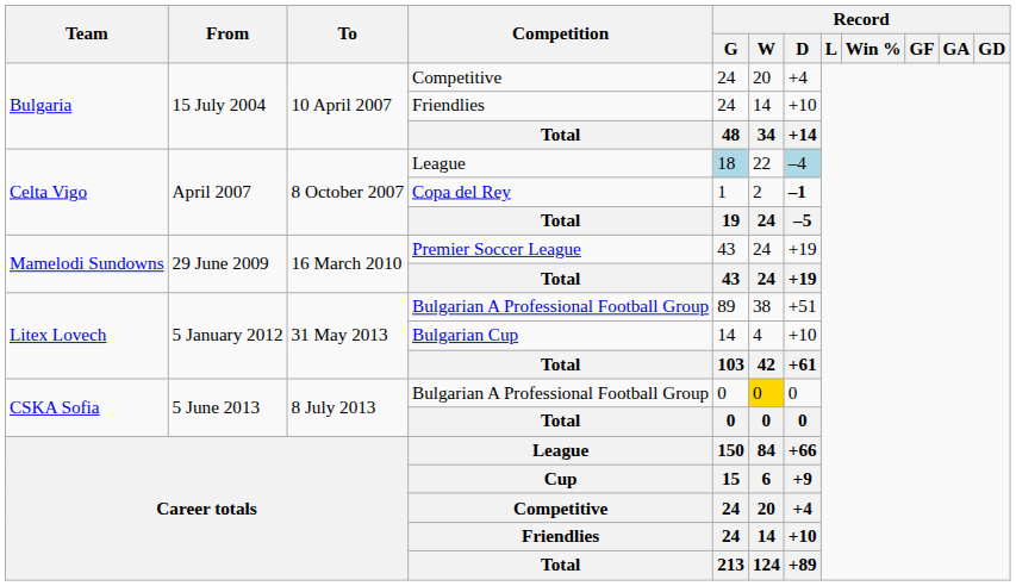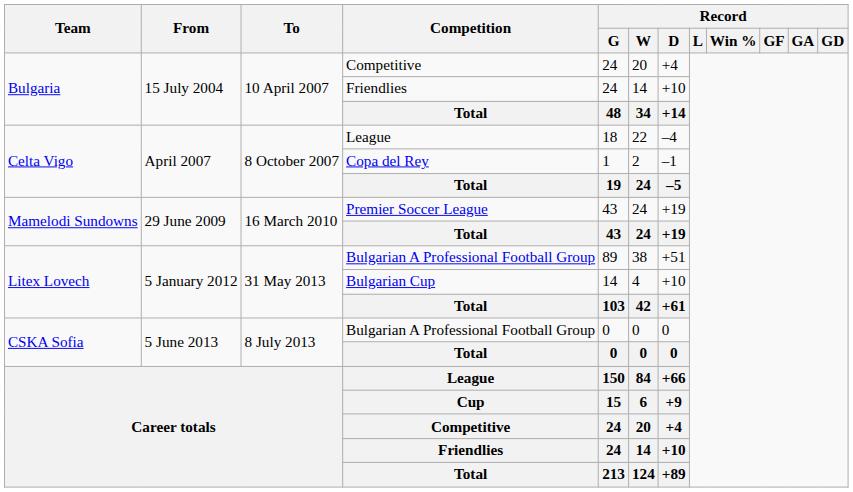 <table class="wikitable" style="text-align: center">
 <tr>
 <th rowspan="2">Team</th>
 <th rowspan="2">From</th>
 <th rowspan="2">To</th>
 <th rowspan="2">Competition</th>
 <th colspan="8">Record</th>
 </tr>
 <tr>
 <th>G</th>
 <th>W</th>
 <th>D</th>
 <th>L</th>
 <th>Win %</th>
 <th>GF</th>
 <th>GA</th>
 <th>GD</th>
 </tr>
 <tr>
 <td rowspan="3" style="text-align:left;"><a href='#'>Bulgaria</a></td>
 <td rowspan="3" style="text-align:left;">15 July 2004</td>
 <td rowspan="3" style="text-align:left;">10 April 2007</td>
 <td align="left">Competitive<br></td>
 <td align="left">24</td>
 <td align="left">20</td>
 <td align="left">+4</td>
 </tr>
 <tr>
 <td align="left">Friendlies<br></td>
 <td align="left">24</td>
 <td align="left">14</td>
 <td align="left">+10</td>
 </tr>
 <tr>
 <th>Total<br></th>
 <th align="left">48</th>
 <th align="left">34</th>
 <th align="left">+14</th>
 </tr>
 <tr>
 <td rowspan="3" style="text-align:left;"><a href='#'>Celta Vigo</a></td>
 <td rowspan="3" style="text-align:left;">April 2007</td>
 <td rowspan="3" style="text-align:left;">8 October 2007</td>
 <td align="left">League<br></td>
-<td align="left" style="background: lightblue;">18</td>
+<td align="left">18</td>
 <td align="left">22</td>
-<td align="left" style="background: lightblue;">–4</td>
+<td align="left">–4</td>
 </tr>
 <tr>
 <td align="left"><a href='#'>Copa del Rey</a><br></td>
 <td align="left">1</td>
 <td align="left">2</td>
-<td align="left"><strong>–1</strong></td>
+<td align="left">–1</td>
 </tr>
 <tr>
 <th>Total<br></th>
 <th align="left">19</th>
 <th align="left">24</th>
 <th align="left">–5</th>
 </tr>
 <tr>
 <td rowspan="2" style="text-align:left;"><a href='#'>Mamelodi Sundowns</a></td>
 <td rowspan="2" style="text-align:left;">29 June 2009</td>
 <td rowspan="2" style="text-align:left;">16 March 2010</td>
 <td align="left"><a href='#'>Premier Soccer League</a><br></td>
 <td align="left">43</td>
 <td align="left">24</td>
 <td align="left">+19</td>
 </tr>
 <tr>
 <th>Total<br></th>
 <th align="left">43</th>
 <th align="left">24</th>
 <th align="left">+19</th>
 </tr>
 <tr>
 <td rowspan="3" style="text-align:left;"><a href='#'>Litex Lovech</a></td>
 <td rowspan="3" style="text-align:left;">5 January 2012</td>
 <td rowspan="3" style="text-align:left;">31 May 2013</td>
 <td align="left"><a href='#'>Bulgarian A Professional Football Group</a><br></td>
 <td align="left">89</td>
 <td align="left">38</td>
 <td align="left">+51</td>
 </tr>
 <tr>
 <td align="left"><a href='#'>Bulgarian Cup</a><br></td>
 <td align="left">14</td>
 <td align="left">4</td>
 <td align="left">+10</td>
 </tr>
 <tr>
 <th>Total<br></th>
 <th align="left">103</th>
 <th align="left">42</th>
 <th align="left">+61</th>
 </tr>
 <tr>
 <td rowspan="2" style="text-align:left;"><a href='#'>CSKA Sofia</a></td>
 <td rowspan="2" style="text-align:left;">5 June 2013</td>
 <td rowspan="2" style="text-align:left;">8 July 2013</td>
 <td align="left">Bulgarian A Professional Football Group<br></td>
 <td align="left">0</td>
-<td align="left" style="background: gold;">0</td>
+<td align="left">0</td>
 <td align="left">0</td>
 </tr>
 <tr>
 <th>Total<br></th>
 <th align="left">0</th>
 <th align="left">0</th>
 <th align="left">0</th>
 </tr>
 <tr>
 <th rowspan="5" colspan="3">Career totals</th>
 <th>League<br></th>
 <th align="left">150</th>
 <th align="left">84</th>
 <th align="left">+66</th>
 </tr>
 <tr>
 <th>Cup<br></th>
 <th align="left">15</th>
 <th align="left">6</th>
 <th align="left">+9</th>
 </tr>
 <tr>
 <th>Competitive<br></th>
 <th align="left">24</th>
 <th align="left">20</th>
 <th align="left">+4</th>
 </tr>
 <tr>
 <th>Friendlies<br></th>
 <th align="left">24</th>
 <th align="left">14</th>
 <th align="left">+10</th>
 </tr>
 <tr>
 <th>Total<br></th>
 <th align="left">213</th>
 <th align="left">124</th>
 <th align="left">+89</th>
 </tr>
 </table>
